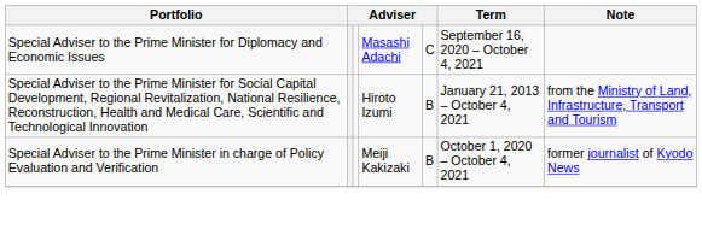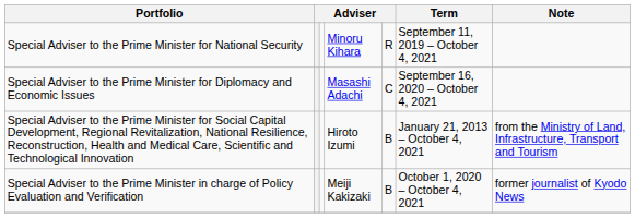 <table class="wikitable">
 <tr>
 <th>Portfolio</th>
 <th colspan="4">Adviser</th>
 <th>Term</th>
 <th>Note</th>
+</tr>
+<tr>
+<td>Special Adviser to the Prime Minister for National Security</td>
+<th style="color:inherit;background-color: "></th>
+<td></td>
+<td><a href='#'>Minoru Kihara</a></td>
+<td>R</td>
+<td>September 11, 2019 – October 4, 2021</td>
+<td></td>
 </tr>
 <tr>
 <td>Special Adviser to the Prime Minister for Diplomacy and Economic Issues</td>
 <th style="color:inherit;background-color: "></th>
 <td></td>
 <td><a href='#'>Masashi Adachi</a></td>
 <td>C</td>
 <td>September 16, 2020 – October 4, 2021</td>
 <td></td>
 </tr>
 <tr>
 <td>Special Adviser to the Prime Minister for Social Capital Development, Regional Revitalization, National Resilience, Reconstruction, Health and Medical Care, Scientific and Technological Innovation</td>
 <th></th>
 <td></td>
 <td>Hiroto Izumi</td>
 <td>B</td>
 <td>January 21, 2013 – October 4, 2021</td>
 <td>from the <a href='#'>Ministry of Land, Infrastructure, Transport and Tourism</a></td>
 </tr>
 <tr>
 <td>Special Adviser to the Prime Minister in charge of Policy Evaluation and Verification</td>
 <th></th>
 <td></td>
 <td>Meiji Kakizaki</td>
 <td>B</td>
 <td>October 1, 2020 – October 4, 2021</td>
 <td>former <a href='#'>journalist</a> of <a href='#'>Kyodo News</a></td>
 </tr>
 <tr>
 </tr>
 </table>
